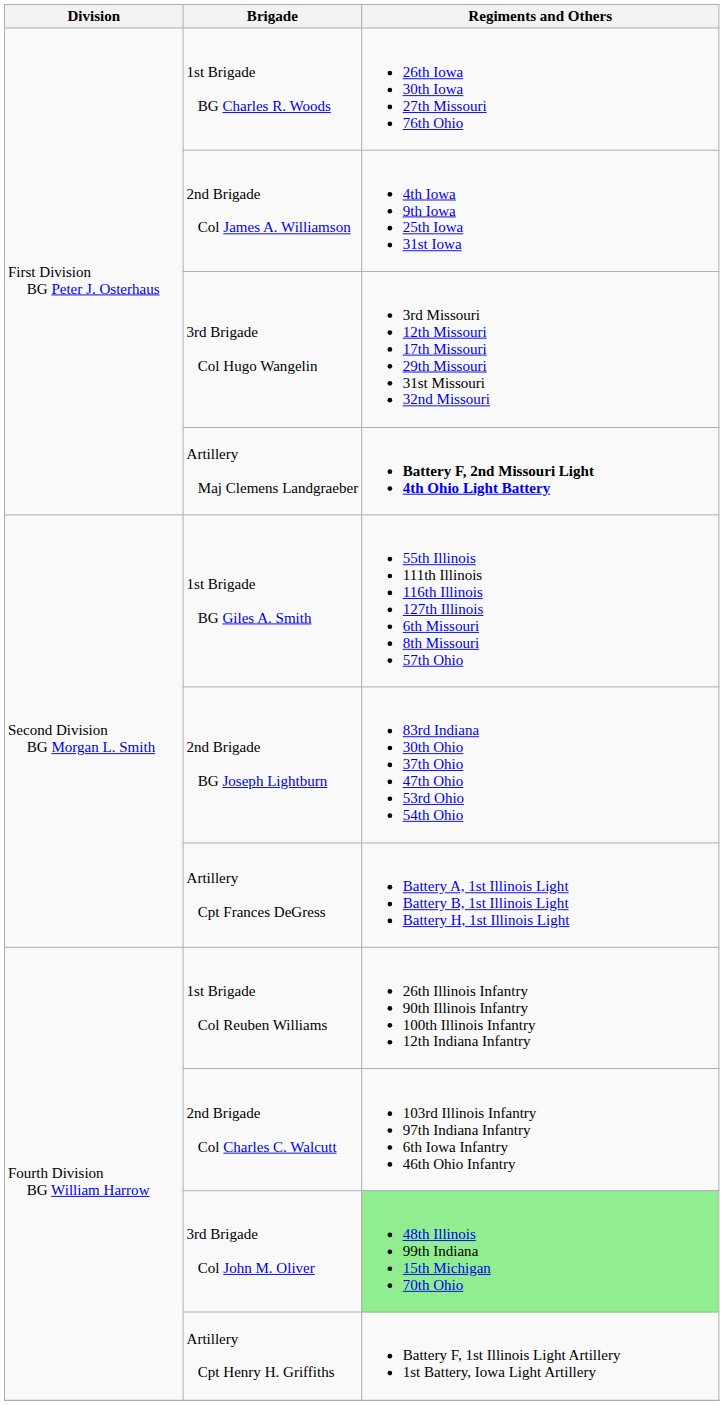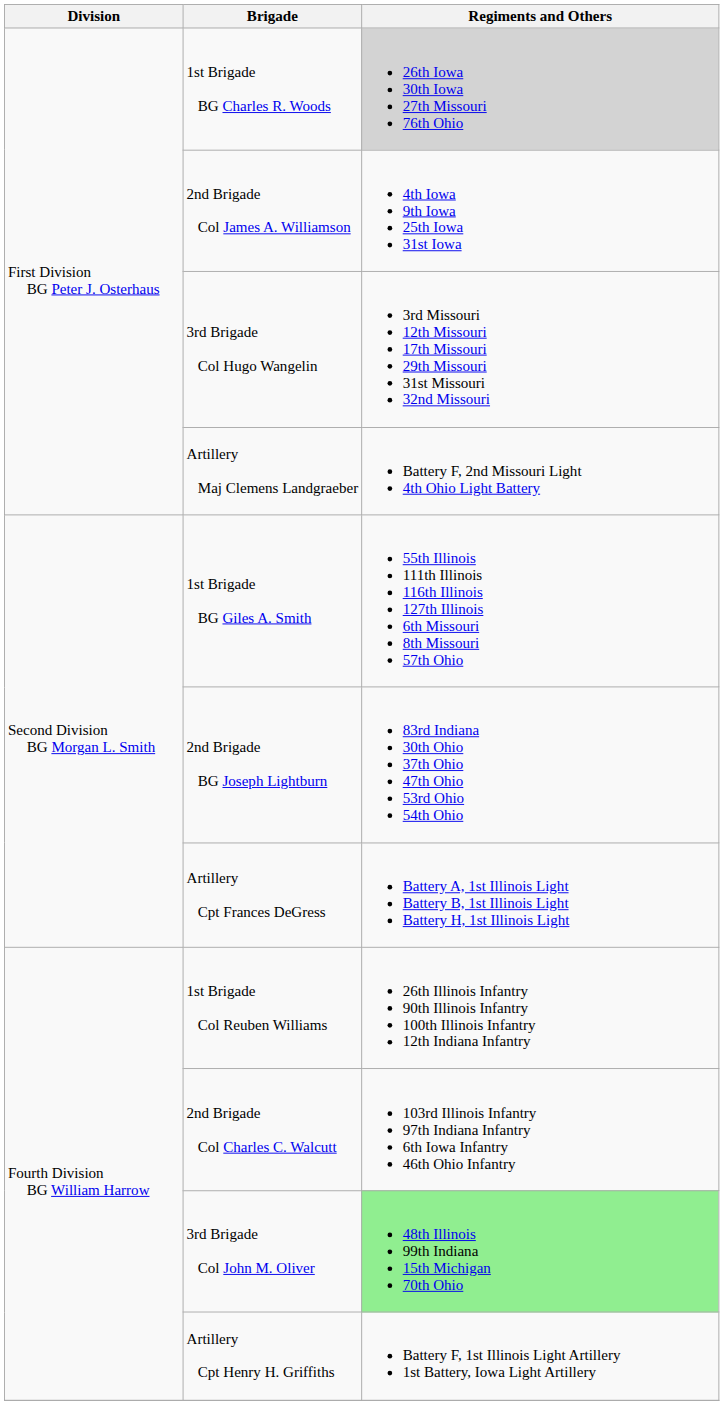 <table class="wikitable">
 <tr>
 <th width=25%>Division</th>
 <th width=25%>Brigade</th>
 <th>Regiments and Others</th>
 </tr>
 <tr>
 <td rowspan=4><br>First Division <br>     BG <a href='#'>Peter J. Osterhaus</a><br></td>
 <td>1st Brigade<br><br>   BG <a href='#'>Charles R. Woods</a></td>
-<td><br><ul><li><a href='#'>26th Iowa</a></li><li><a href='#'>30th Iowa</a></li><li><a href='#'>27th Missouri</a></li><li><a href='#'>76th Ohio</a></li></ul></td>
+<td style="background: lightgrey;"><br><ul><li><a href='#'>26th Iowa</a></li><li><a href='#'>30th Iowa</a></li><li><a href='#'>27th Missouri</a></li><li><a href='#'>76th Ohio</a></li></ul></td>
 </tr>
 <tr>
 <td>2nd Brigade<br><br>   Col <a href='#'>James A. Williamson</a></td>
 <td><br><ul><li><a href='#'>4th Iowa</a></li><li><a href='#'>9th Iowa</a></li><li><a href='#'>25th Iowa</a></li><li><a href='#'>31st Iowa</a></li></ul></td>
 </tr>
 <tr>
 <td>3rd Brigade<br><br>   Col Hugo Wangelin</td>
 <td><br><ul><li>3rd Missouri</li><li><a href='#'>12th Missouri</a></li><li><a href='#'>17th Missouri</a></li><li><a href='#'>29th Missouri</a></li><li>31st Missouri</li><li><a href='#'>32nd Missouri</a></li></ul></td>
 </tr>
 <tr>
 <td>Artillery<br><br>   Maj Clemens Landgraeber</td>
-<td><strong><br><ul><li>Battery F, 2nd Missouri Light</li><li><a href='#'>4th Ohio Light Battery</a></li></ul></strong></td>
+<td><br><ul><li>Battery F, 2nd Missouri Light</li><li><a href='#'>4th Ohio Light Battery</a></li></ul></td>
 </tr>
 <tr>
 <td rowspan=3><br>Second Division <br>     BG <a href='#'>Morgan L. Smith</a><br></td>
 <td>1st Brigade<br><br>   BG <a href='#'>Giles A. Smith</a></td>
 <td><br><ul><li><a href='#'>55th Illinois</a></li><li>111th Illinois</li><li><a href='#'>116th Illinois</a></li><li><a href='#'>127th Illinois</a></li><li><a href='#'>6th Missouri</a></li><li><a href='#'>8th Missouri</a></li><li><a href='#'>57th Ohio</a></li></ul></td>
 </tr>
 <tr>
 <td>2nd Brigade<br><br>   BG <a href='#'>Joseph Lightburn</a></td>
 <td><br><ul><li><a href='#'>83rd Indiana</a></li><li><a href='#'>30th Ohio</a></li><li><a href='#'>37th Ohio</a></li><li><a href='#'>47th Ohio</a></li><li><a href='#'>53rd Ohio</a></li><li><a href='#'>54th Ohio</a></li></ul></td>
 </tr>
 <tr>
 <td>Artillery<br><br>   Cpt Frances DeGress</td>
 <td><br><ul><li><a href='#'>Battery A, 1st Illinois Light</a></li><li><a href='#'>Battery B, 1st Illinois Light</a></li><li><a href='#'>Battery H, 1st Illinois Light</a></li></ul></td>
 </tr>
 <tr>
 <td rowspan=4><br>Fourth Division <br>     BG <a href='#'>William Harrow</a><br></td>
 <td>1st Brigade<br><br>   Col Reuben Williams</td>
 <td><br><ul><li>26th Illinois Infantry</li><li>90th Illinois Infantry</li><li>100th Illinois Infantry</li><li>12th Indiana Infantry</li></ul></td>
 </tr>
 <tr>
 <td>2nd Brigade<br><br>   Col <a href='#'>Charles C. Walcutt</a></td>
 <td><br><ul><li>103rd Illinois Infantry</li><li>97th Indiana Infantry</li><li>6th Iowa Infantry</li><li>46th Ohio Infantry</li></ul></td>
 </tr>
 <tr>
 <td>3rd Brigade<br><br>   Col <a href='#'>John M. Oliver</a></td>
 <td style="background: lightgreen;"><br><ul><li><a href='#'>48th Illinois</a></li><li>99th Indiana</li><li><a href='#'>15th Michigan</a></li><li><a href='#'>70th Ohio</a></li></ul></td>
 </tr>
 <tr>
 <td>Artillery<br><br>   Cpt Henry H. Griffiths</td>
 <td><br><ul><li>Battery F, 1st Illinois Light Artillery</li><li>1st Battery, Iowa Light Artillery</li></ul></td>
 </tr>
 <tr>
 </tr>
 </table>
